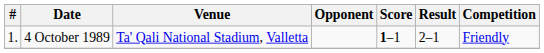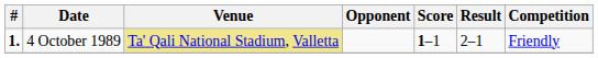 <table class="wikitable">
 <tr>
 <th>#</th>
 <th>Date</th>
 <th>Venue</th>
 <th>Opponent</th>
 <th>Score</th>
 <th>Result</th>
 <th>Competition</th>
 </tr>
 <tr>
-<td>1.</td>
+<td><strong>1.</strong></td>
 <td>4 October 1989</td>
-<td><a href='#'>Ta' Qali National Stadium</a>, <a href='#'>Valletta</a></td>
+<td style="background: khaki;"><a href='#'>Ta' Qali National Stadium</a>, <a href='#'>Valletta</a></td>
 <td></td>
 <td><strong>1</strong>–1</td>
 <td>2–1</td>
 <td><a href='#'>Friendly</a></td>
 </tr>
 <tr>
 </tr>
 </table>
